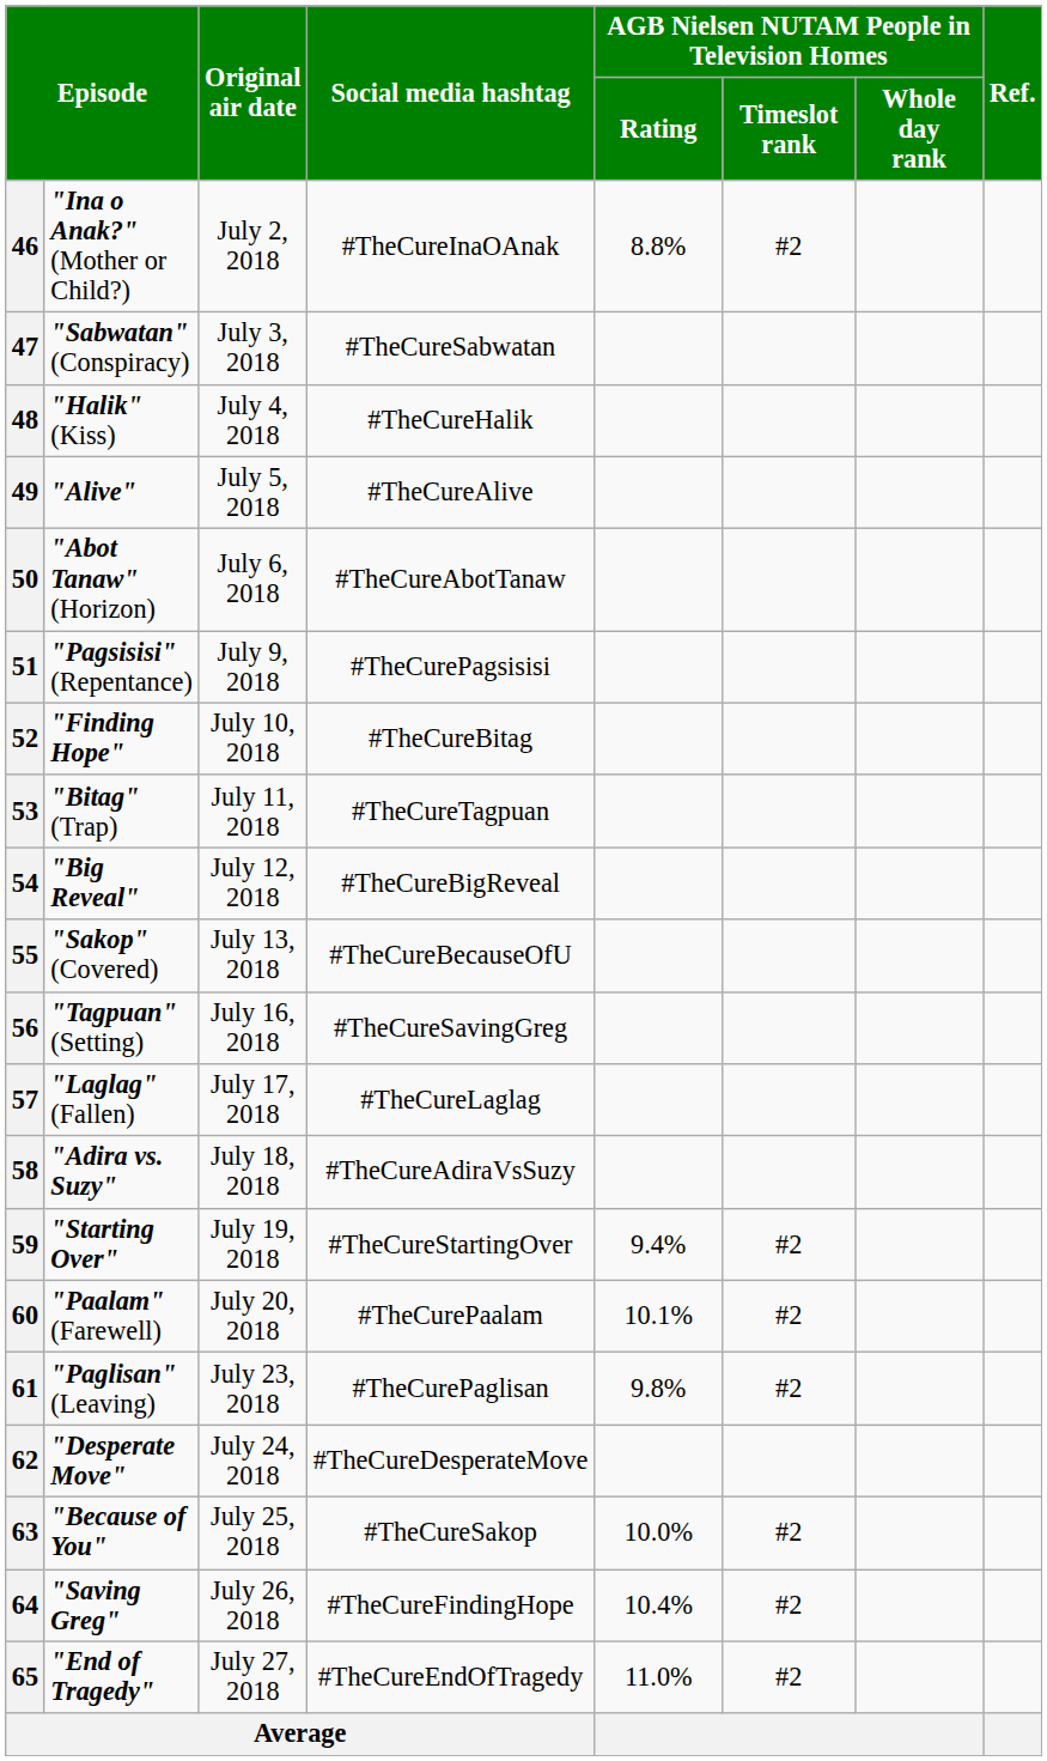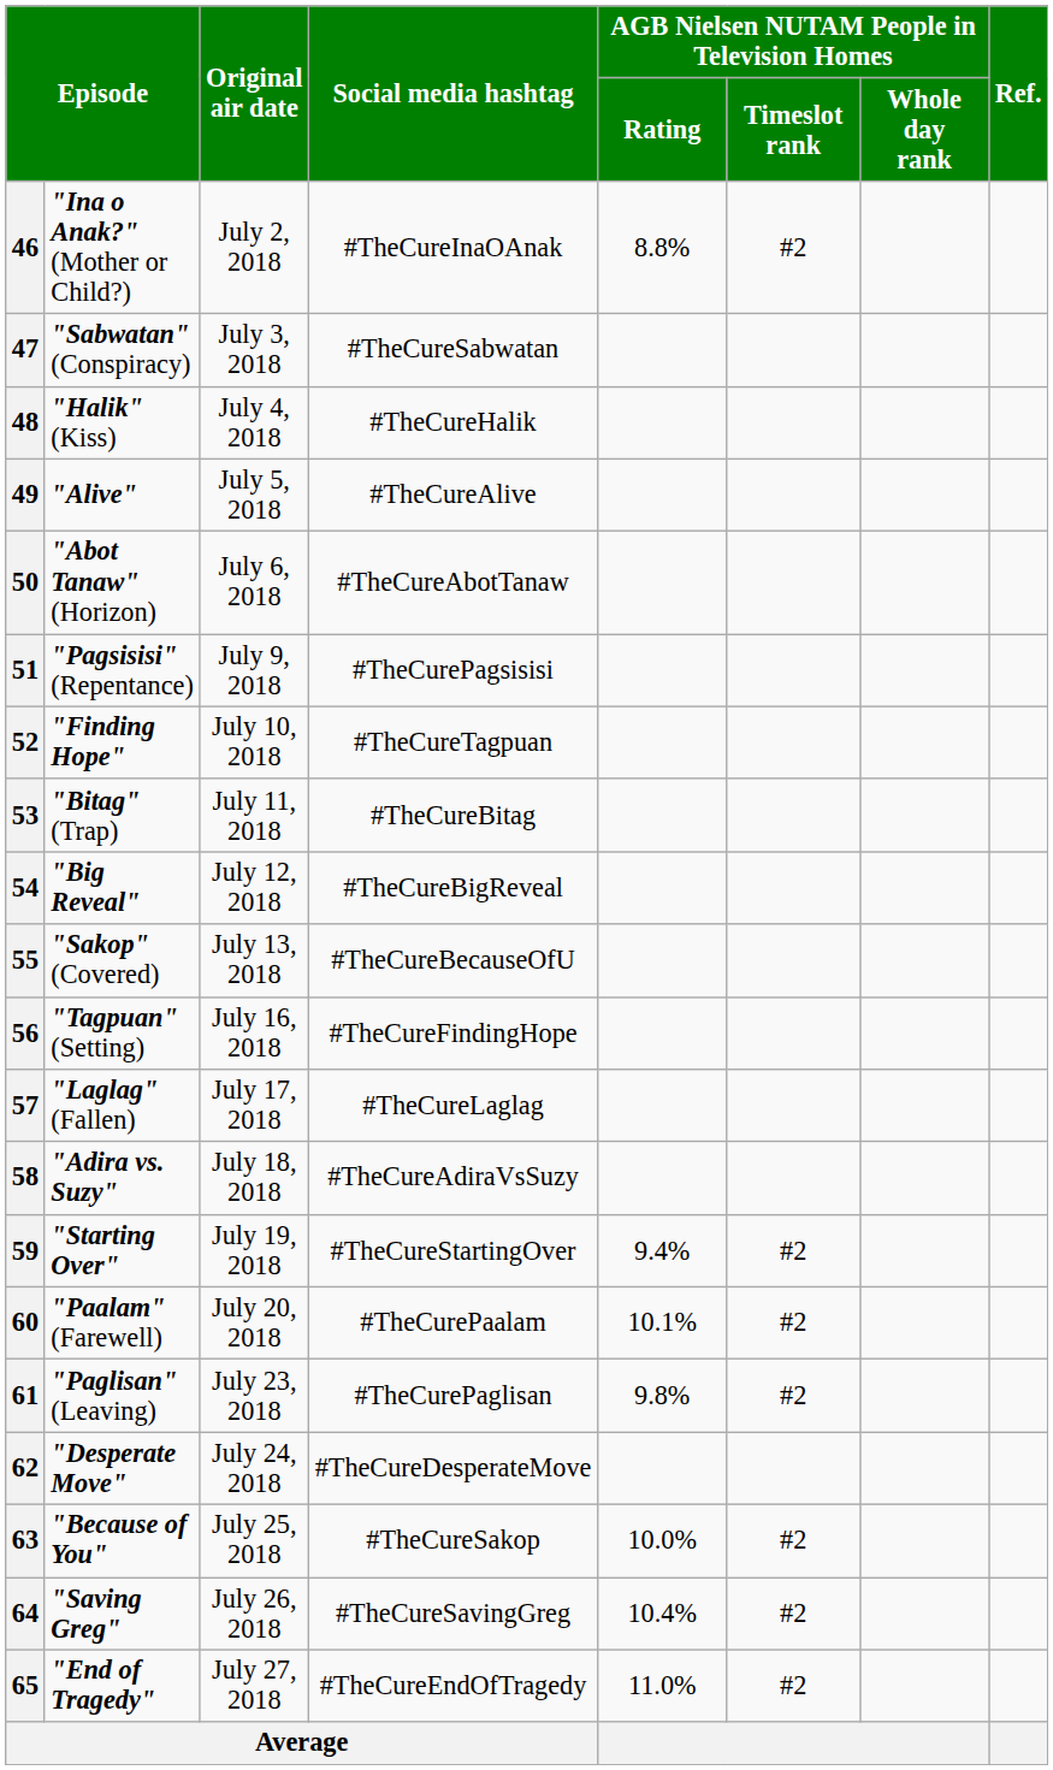 <table class="wikitable" style="text-align:center; font-size:100%; line-height:18px;" width="100%">
 <tr>
 <th style="background-color:#008000; color:#ffffff;" colspan="2" rowspan="2">Episode</th>
 <th style="background-color:#008000; color:white" rowspan="2">Original air date</th>
 <th style="background-color:#008000; color:white" rowspan="2">Social media hashtag</th>
 <th style="background-color:#008000; color:#ffffff;" colspan="3">AGB Nielsen NUTAM People in Television Homes</th>
 <th style="background-color:#008000;  color:#ffffff;" rowspan="2">Ref.</th>
 </tr>
 <tr>
 <th style="background-color:#008000; width:75px; color:#ffffff;">Rating</th>
 <th style="background-color:#008000; width:75px; color:#ffffff;">Timeslot<br>rank</th>
 <th style="background-color:#008000; width:75px; color:#ffffff;">Whole day<br>rank</th>
 </tr>
 <tr>
 <th>46</th>
 <td style="text-align: left;"><strong><em>"Ina o Anak?"</em></strong> (Mother or Child?)</td>
 <td>July 2, 2018</td>
 <td>#TheCureInaOAnak</td>
 <td>8.8%</td>
 <td>#2</td>
 <td></td>
 <td></td>
 </tr>
 <tr>
 <th>47</th>
 <td style="text-align: left;"><strong><em>"Sabwatan"</em></strong> (Conspiracy)</td>
 <td>July 3, 2018</td>
 <td>#TheCureSabwatan</td>
 <td></td>
 <td></td>
 <td></td>
 <td></td>
 </tr>
 <tr>
 <th>48</th>
 <td style="text-align: left;"><strong><em>"Halik"</em></strong> (Kiss)</td>
 <td>July 4, 2018</td>
 <td>#TheCureHalik</td>
 <td></td>
 <td></td>
 <td></td>
 <td></td>
 </tr>
 <tr>
 <th>49</th>
 <td style="text-align: left;"><strong><em>"Alive"</em></strong></td>
 <td>July 5, 2018</td>
 <td>#TheCureAlive</td>
 <td></td>
 <td></td>
 <td></td>
 <td></td>
 </tr>
 <tr>
 <th>50</th>
 <td style="text-align: left;"><strong><em>"Abot Tanaw"</em></strong> (Horizon)</td>
 <td>July 6, 2018</td>
 <td>#TheCureAbotTanaw</td>
 <td></td>
 <td></td>
 <td></td>
 <td></td>
 </tr>
 <tr>
 <th>51</th>
 <td style="text-align: left;"><strong><em>"Pagsisisi"</em></strong> (Repentance)</td>
 <td>July 9, 2018</td>
 <td>#TheCurePagsisisi</td>
 <td></td>
 <td></td>
 <td></td>
 <td></td>
 </tr>
 <tr>
 <th>52</th>
 <td style="text-align: left;"><strong><em>"Finding Hope"</em></strong></td>
 <td>July 10, 2018</td>
-<td>#TheCureBitag</td>
+<td>#TheCureTagpuan</td>
 <td></td>
 <td></td>
 <td></td>
 <td></td>
 </tr>
 <tr>
 <th>53</th>
 <td style="text-align: left;"><strong><em>"Bitag"</em></strong> (Trap)</td>
 <td>July 11, 2018</td>
-<td>#TheCureTagpuan</td>
+<td>#TheCureBitag</td>
 <td></td>
 <td></td>
 <td></td>
 <td></td>
 </tr>
 <tr>
 <th>54</th>
 <td style="text-align: left;"><strong><em>"Big Reveal"</em></strong></td>
 <td>July 12, 2018</td>
 <td>#TheCureBigReveal</td>
 <td></td>
 <td></td>
 <td></td>
 <td></td>
 </tr>
 <tr>
 <th>55</th>
 <td style="text-align: left;"><strong><em>"Sakop"</em></strong> (Covered)</td>
 <td>July 13, 2018</td>
 <td>#TheCureBecauseOfU</td>
 <td></td>
 <td></td>
 <td></td>
 <td></td>
 </tr>
 <tr>
 <th>56</th>
 <td style="text-align: left;"><strong><em>"Tagpuan"</em></strong> (Setting)</td>
 <td>July 16, 2018</td>
-<td>#TheCureSavingGreg</td>
+<td>#TheCureFindingHope</td>
 <td></td>
 <td></td>
 <td></td>
 <td></td>
 </tr>
 <tr>
 <th>57</th>
 <td style="text-align: left;"><strong><em>"Laglag"</em></strong> (Fallen)</td>
 <td>July 17, 2018</td>
 <td>#TheCureLaglag</td>
 <td></td>
 <td></td>
 <td></td>
 <td></td>
 </tr>
 <tr>
 <th>58</th>
 <td style="text-align: left;"><strong><em>"Adira vs. Suzy"</em></strong></td>
 <td>July 18, 2018</td>
 <td>#TheCureAdiraVsSuzy</td>
 <td></td>
 <td></td>
 <td></td>
 <td></td>
 </tr>
 <tr>
 <th>59</th>
 <td style="text-align: left;"><strong><em>"Starting Over"</em></strong></td>
 <td>July 19, 2018</td>
 <td>#TheCureStartingOver</td>
 <td>9.4%</td>
 <td>#2</td>
 <td></td>
 <td></td>
 </tr>
 <tr>
 <th>60</th>
 <td style="text-align: left;"><strong><em>"Paalam"</em></strong> (Farewell)</td>
 <td>July 20, 2018</td>
 <td>#TheCurePaalam</td>
 <td>10.1%</td>
 <td>#2</td>
 <td></td>
 <td></td>
 </tr>
 <tr>
 <th>61</th>
 <td style="text-align: left;"><strong><em>"Paglisan"</em></strong> (Leaving)</td>
 <td>July 23, 2018</td>
 <td>#TheCurePaglisan</td>
 <td>9.8%</td>
 <td>#2</td>
 <td></td>
 <td></td>
 </tr>
 <tr>
 <th>62</th>
 <td style="text-align: left;"><strong><em>"Desperate Move"</em></strong></td>
 <td>July 24, 2018</td>
 <td>#TheCureDesperateMove</td>
 <td></td>
 <td></td>
 <td></td>
 <td></td>
 </tr>
 <tr>
 <th>63</th>
 <td style="text-align: left;"><strong><em>"Because of You"</em></strong></td>
 <td>July 25, 2018</td>
 <td>#TheCureSakop</td>
 <td>10.0%</td>
 <td>#2</td>
 <td></td>
 <td></td>
 </tr>
 <tr>
 <th>64</th>
 <td style="text-align: left;"><strong><em>"Saving Greg"</em></strong></td>
 <td>July 26, 2018</td>
-<td>#TheCureFindingHope</td>
+<td>#TheCureSavingGreg</td>
 <td>10.4%</td>
 <td>#2</td>
 <td></td>
 <td></td>
 </tr>
 <tr>
 <th>65</th>
 <td style="text-align: left;"><strong><em>"End of Tragedy"</em></strong></td>
 <td>July 27, 2018</td>
 <td>#TheCureEndOfTragedy</td>
 <td>11.0%</td>
 <td>#2</td>
 <td></td>
 <td></td>
 </tr>
 <tr>
 <th colspan="4">Average</th>
 <th colspan="3"></th>
 <th></th>
 </tr>
 <tr>
 </tr>
 </table>
